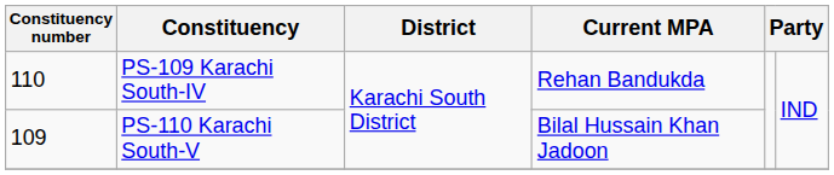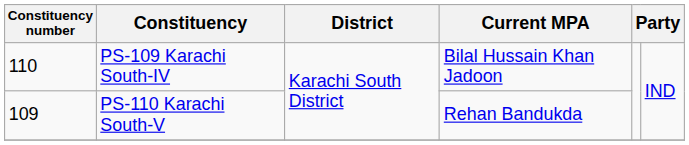 <table class="wikitable">
 <tr>
 <th width="50px" style="font-size:75%">Constituency number</th>
 <th>Constituency</th>
 <th>District</th>
 <th>Current MPA</th>
 <th colspan="2">Party</th>
 </tr>
 <tr>
 <td>110</td>
 <td><a href='#'>PS-109 Karachi South-IV</a></td>
 <td rowspan="2"><a href='#'>Karachi South District</a></td>
-<td><a href='#'>Rehan Bandukda</a></td>
+<td><a href='#'>Bilal Hussain Khan Jadoon</a></td>
 <td rowspan="2"></td>
 <td rowspan="2"><a href='#'>IND</a></td>
 </tr>
 <tr>
 <td>109</td>
 <td><a href='#'>PS-110 Karachi South-V</a></td>
-<td><a href='#'>Bilal Hussain Khan Jadoon</a></td>
+<td><a href='#'>Rehan Bandukda</a></td>
 </tr>
 <tr>
 </tr>
 </table>
